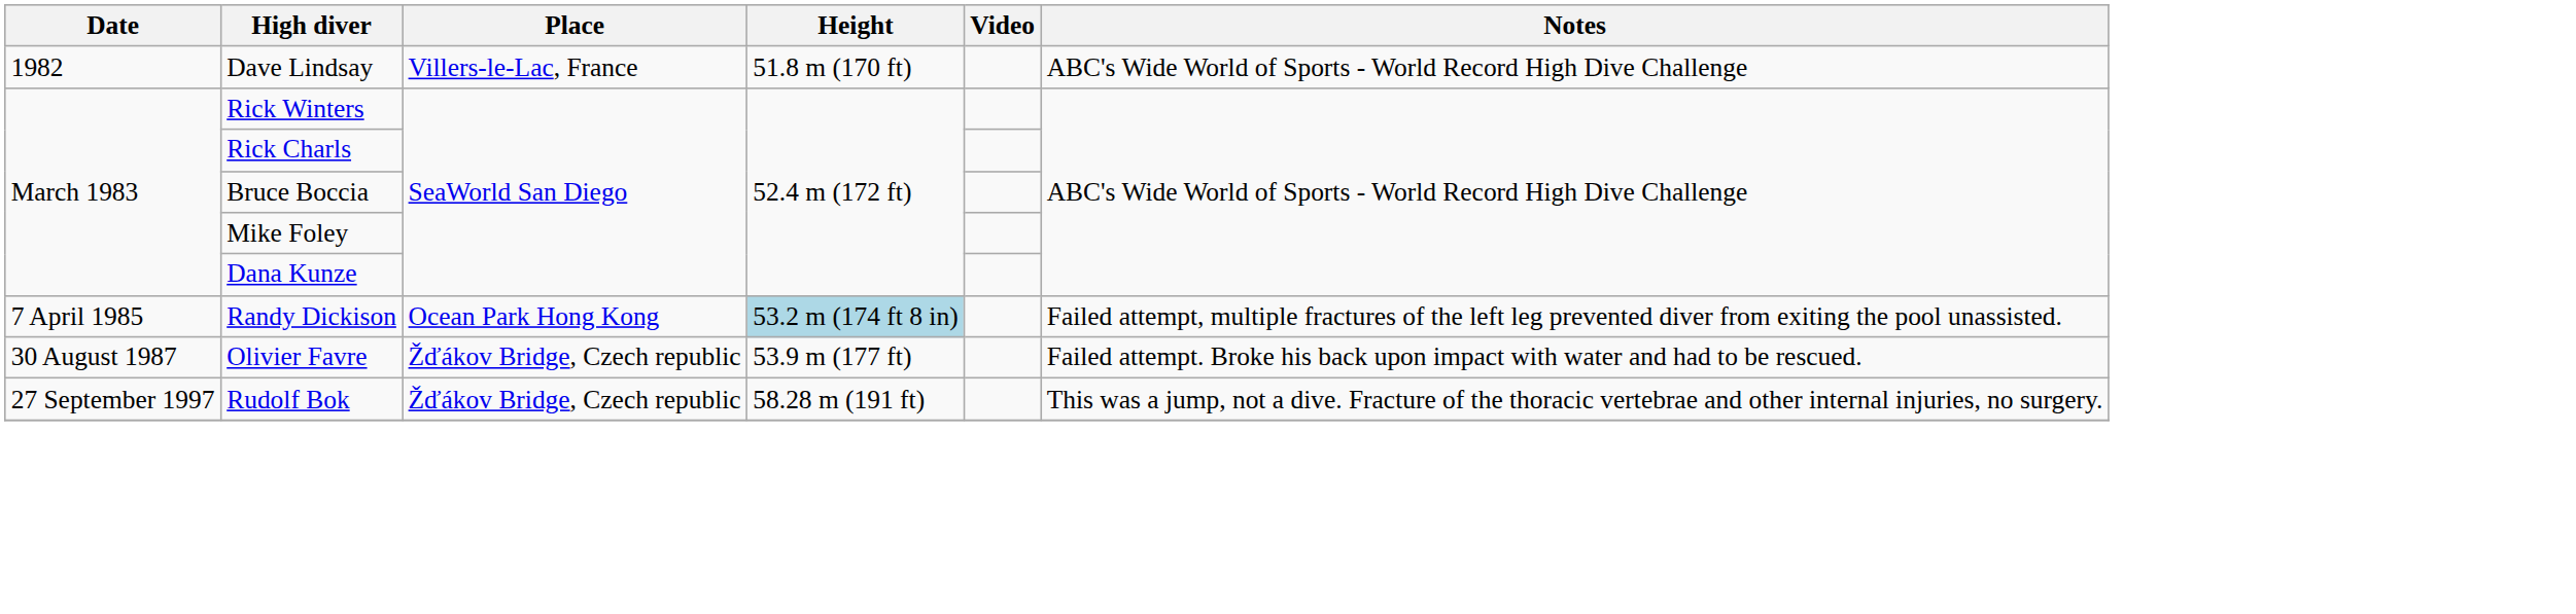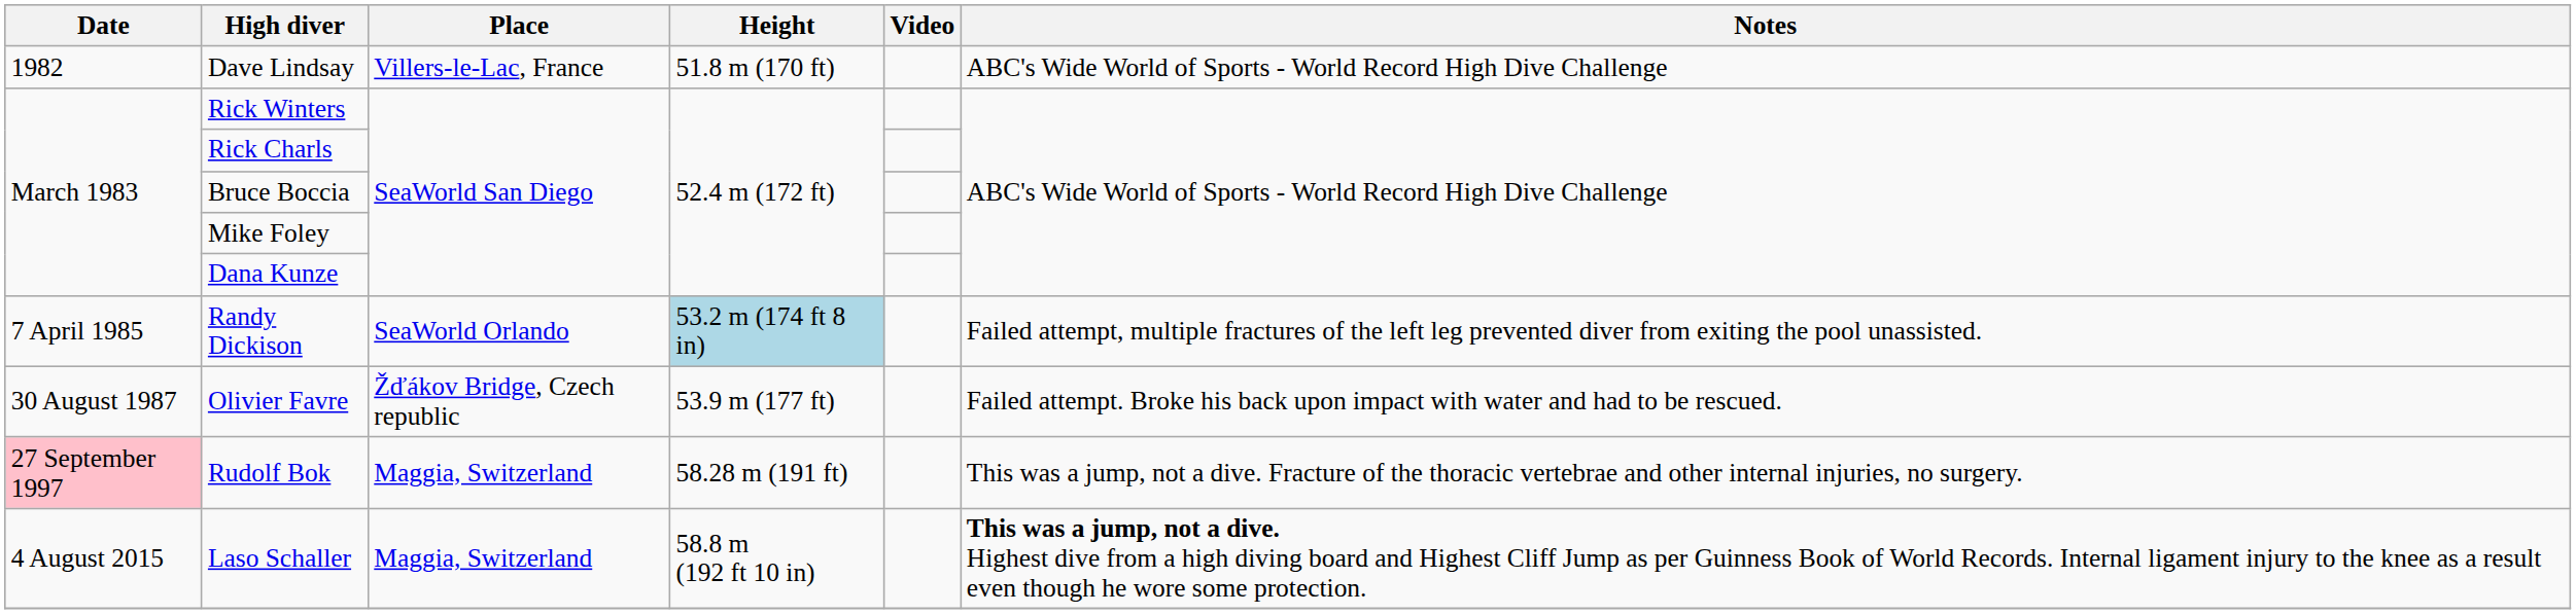 <table class="wikitable">
 <tr>
 <th>Date</th>
 <th>High diver</th>
 <th>Place</th>
 <th>Height</th>
 <th>Video</th>
 <th>Notes</th>
 </tr>
 <tr>
 <td>1982</td>
 <td> Dave Lindsay</td>
 <td><a href='#'>Villers-le-Lac</a>, France</td>
 <td>51.8 m (170 ft)</td>
 <td></td>
 <td>ABC's Wide World of Sports - World Record High Dive Challenge</td>
 </tr>
 <tr>
 <td rowspan="5">March 1983</td>
 <td> <a href='#'>Rick Winters</a></td>
 <td rowspan="5"><a href='#'>SeaWorld San Diego</a></td>
 <td rowspan="5">52.4 m (172 ft)</td>
 <td></td>
 <td rowspan="5">ABC's Wide World of Sports - World Record High Dive Challenge</td>
 </tr>
 <tr>
 <td> <a href='#'>Rick Charls</a></td>
 <td></td>
 </tr>
 <tr>
 <td> Bruce Boccia</td>
 <td></td>
 </tr>
 <tr>
 <td> Mike Foley</td>
 <td></td>
 </tr>
 <tr>
 <td> <a href='#'>Dana Kunze</a></td>
 <td></td>
 </tr>
 <tr>
 <td>7 April 1985</td>
 <td> <a href='#'>Randy Dickison</a></td>
-<td><a href='#'>Ocean Park Hong Kong</a></td>
+<td><a href='#'>SeaWorld Orlando</a></td>
 <td style="background: lightblue;">53.2 m (174 ft 8 in)</td>
 <td></td>
 <td>Failed attempt, multiple fractures of the left leg prevented diver from exiting the pool unassisted.</td>
 </tr>
 <tr>
 <td>30 August 1987</td>
 <td> <a href='#'>Olivier Favre</a></td>
 <td><a href='#'>Žďákov Bridge</a>, Czech republic</td>
 <td>53.9 m (177 ft)</td>
 <td></td>
 <td>Failed attempt. Broke his back upon impact with water and had to be rescued.</td>
 </tr>
 <tr>
-<td>27 September 1997</td>
+<td style="background: pink;">27 September 1997</td>
 <td> <a href='#'>Rudolf Bok</a></td>
-<td><a href='#'>Žďákov Bridge</a>, Czech republic</td>
+<td><a href='#'>Maggia, Switzerland</a></td>
 <td>58.28 m (191 ft)</td>
 <td></td>
 <td>This was a jump, not a dive. Fracture of the thoracic vertebrae and other internal injuries, no surgery.</td>
 </tr>
 <tr>
+<td>4 August 2015</td>
+<td> <a href='#'>Laso Schaller</a></td>
+<td><a href='#'>Maggia, Switzerland</a></td>
+<td>58.8 m (192 ft 10 in)</td>
+<td></td>
+<td><strong>This was a jump, not a dive.</strong><br>Highest dive from a high diving board and Highest Cliff Jump as per Guinness Book of World Records. Internal ligament injury to the knee as a result even though he wore some protection.</td>
+</tr>
+<tr>
 </tr>
 </table>
